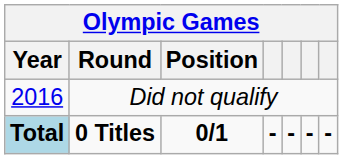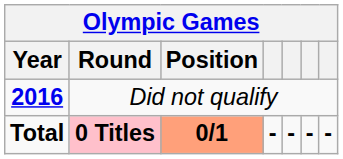 <table class="wikitable" style="text-align: center;">
 <tr>
 <th colspan=10><a href='#'>Olympic Games</a></th>
 </tr>
 <tr>
 <th>Year</th>
 <th>Round</th>
 <th>Position</th>
 <th></th>
 <th></th>
 <th></th>
 <th></th>
 </tr>
 <tr>
-<td> <a href='#'>2016</a></td>
+<td><strong> <a href='#'>2016</a></strong></td>
 <td colspan="6" rowspan=1><em>Did not qualify</em></td>
 </tr>
 <tr>
-<td colspan=1 style="background: lightblue;"><strong>Total</strong></td>
-<td><strong>0 Titles</strong></td>
-<td><strong>0/1</strong></td>
+<td colspan=1><strong>Total</strong></td>
+<td style="background: pink;"><strong>0 Titles</strong></td>
+<td style="background: lightsalmon;"><strong>0/1</strong></td>
 <td><strong>-</strong></td>
 <td><strong>-</strong></td>
 <td><strong>-</strong></td>
 <td><strong>-</strong></td>
 </tr>
 </table>
